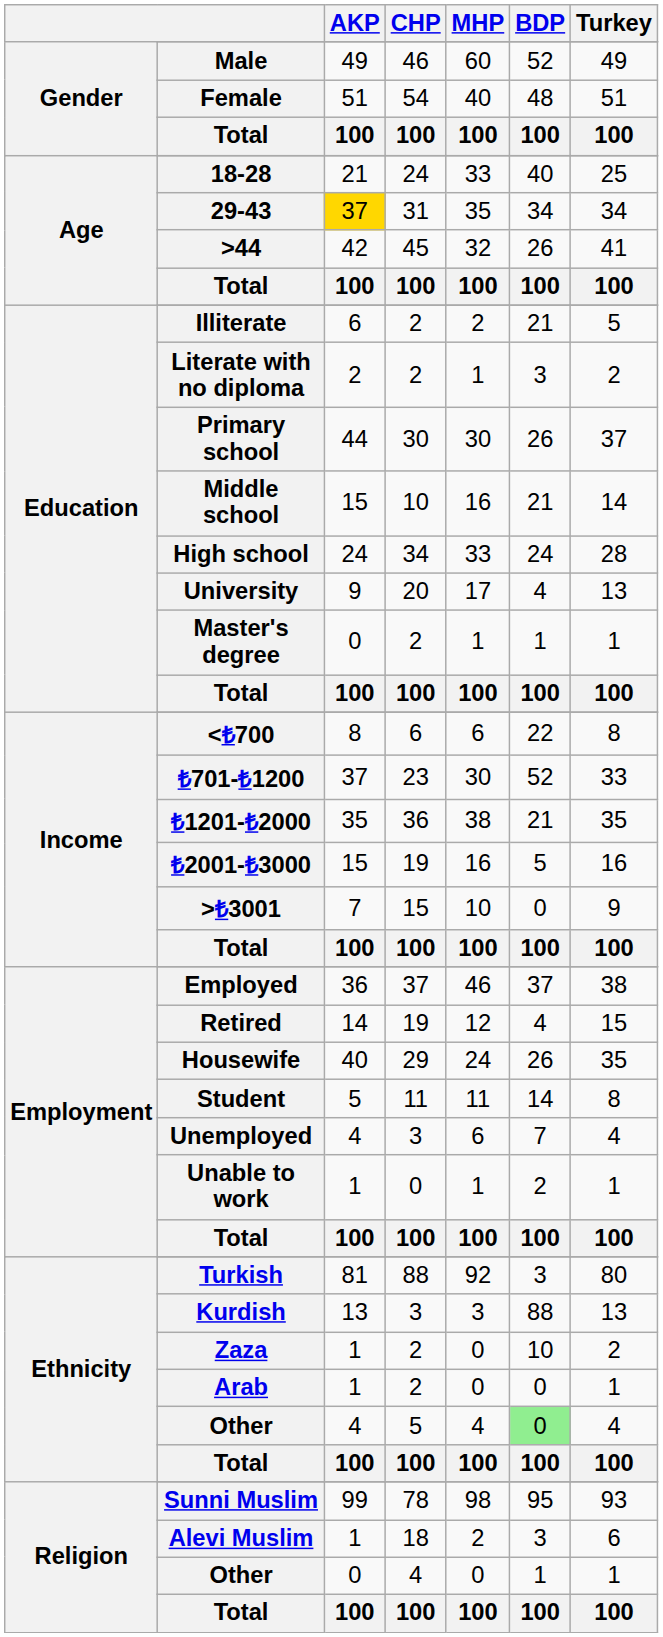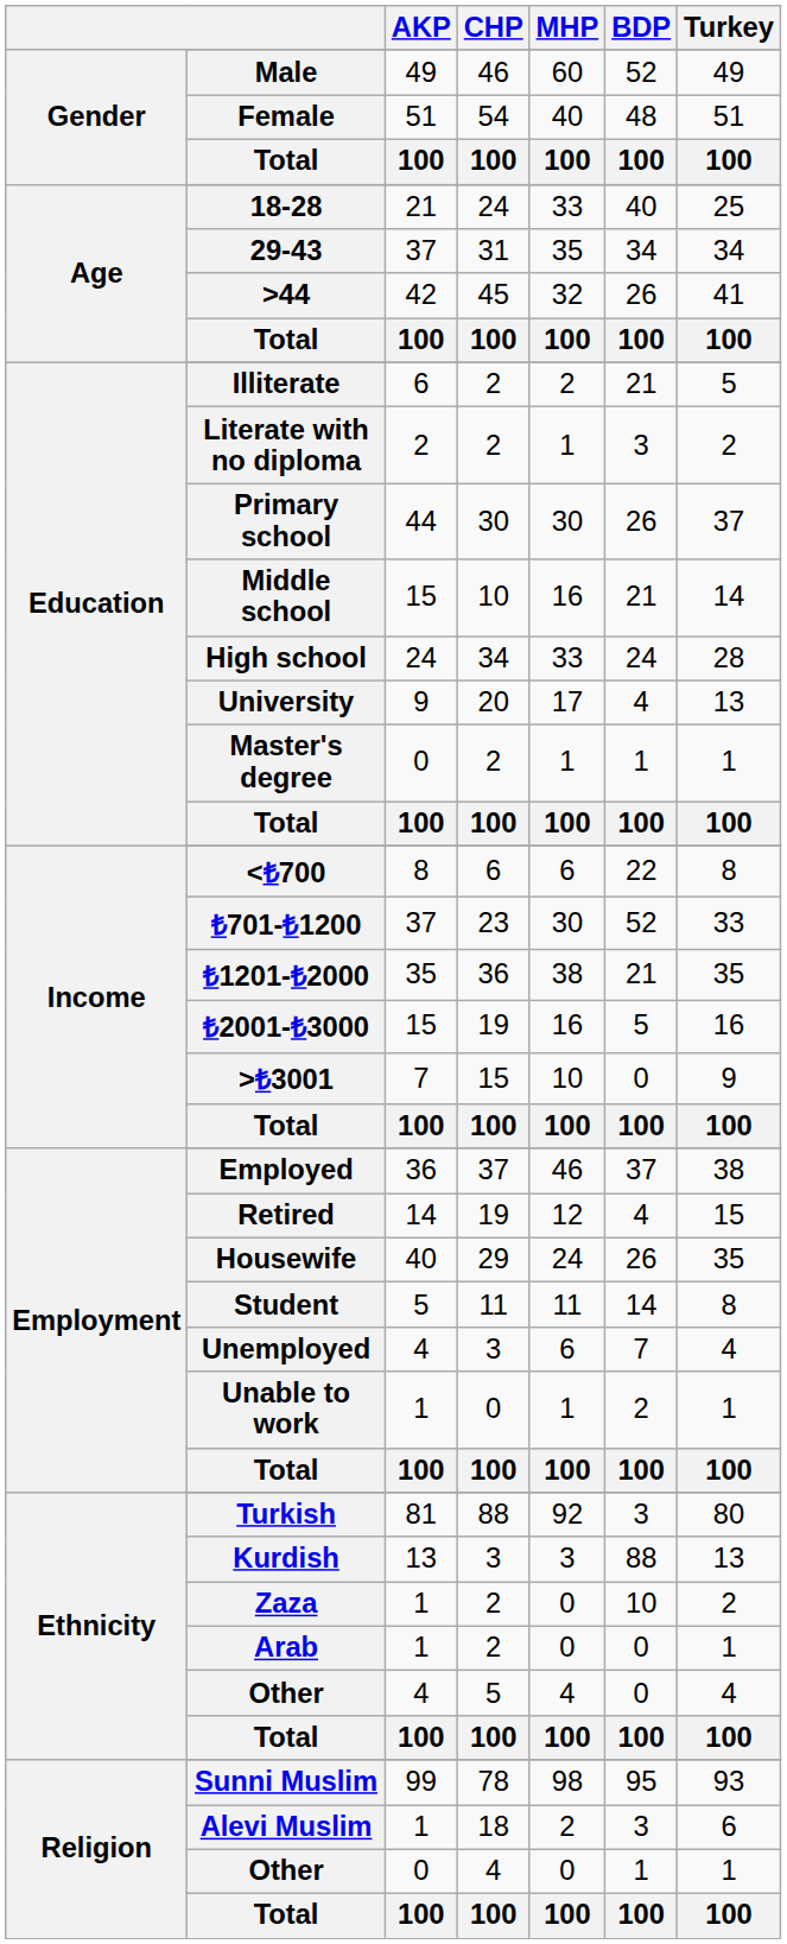 <table class="wikitable" style="width:50%;">
 <tr>
 <th colspan=2></th>
 <th><a href='#'>AKP</a></th>
 <th><a href='#'>CHP</a></th>
 <th><a href='#'>MHP</a></th>
 <th><a href='#'>BDP</a></th>
 <th>Turkey</th>
 </tr>
 <tr>
 <th rowspan=4>Gender</th>
 </tr>
 <tr>
 <th>Male</th>
 <td align=center>49</td>
 <td align=center>46</td>
 <td align=center>60</td>
 <td align=center>52</td>
 <td align=center>49</td>
 </tr>
 <tr>
 <th>Female</th>
 <td align=center>51</td>
 <td align=center>54</td>
 <td align=center>40</td>
 <td align=center>48</td>
 <td align=center>51</td>
 </tr>
 <tr>
 <th>Total</th>
 <th align=center>100</th>
 <th align=center>100</th>
 <th align=center>100</th>
 <th align=center>100</th>
 <th align=center>100</th>
 </tr>
 <tr>
 <th rowspan=5>Age</th>
 </tr>
 <tr>
 <th>18-28</th>
 <td align=center>21</td>
 <td align=center>24</td>
 <td align=center>33</td>
 <td align=center>40</td>
 <td align=center>25</td>
 </tr>
 <tr>
 <th>29-43</th>
-<td align=center style="background: gold;">37</td>
+<td align=center>37</td>
 <td align=center>31</td>
 <td align=center>35</td>
 <td align=center>34</td>
 <td align=center>34</td>
 </tr>
 <tr>
 <th>>44</th>
 <td align=center>42</td>
 <td align=center>45</td>
 <td align=center>32</td>
 <td align=center>26</td>
 <td align=center>41</td>
 </tr>
 <tr>
 <th>Total</th>
 <th align=center>100</th>
 <th align=center>100</th>
 <th align=center>100</th>
 <th align=center>100</th>
 <th align=center>100</th>
 </tr>
 <tr>
 <th rowspan=9>Education</th>
 </tr>
 <tr>
 <th>Illiterate</th>
 <td align=center>6</td>
 <td align=center>2</td>
 <td align=center>2</td>
 <td align=center>21</td>
 <td align=center>5</td>
 </tr>
 <tr>
 <th>Literate with no diploma</th>
 <td align=center>2</td>
 <td align=center>2</td>
 <td align=center>1</td>
 <td align=center>3</td>
 <td align=center>2</td>
 </tr>
 <tr>
 <th>Primary school</th>
 <td align=center>44</td>
 <td align=center>30</td>
 <td align=center>30</td>
 <td align=center>26</td>
 <td align=center>37</td>
 </tr>
 <tr>
 <th>Middle school</th>
 <td align=center>15</td>
 <td align=center>10</td>
 <td align=center>16</td>
 <td align=center>21</td>
 <td align=center>14</td>
 </tr>
 <tr>
 <th>High school</th>
 <td align=center>24</td>
 <td align=center>34</td>
 <td align=center>33</td>
 <td align=center>24</td>
 <td align=center>28</td>
 </tr>
 <tr>
 <th>University</th>
 <td align=center>9</td>
 <td align=center>20</td>
 <td align=center>17</td>
 <td align=center>4</td>
 <td align=center>13</td>
 </tr>
 <tr>
 <th>Master's degree</th>
 <td align=center>0</td>
 <td align=center>2</td>
 <td align=center>1</td>
 <td align=center>1</td>
 <td align=center>1</td>
 </tr>
 <tr>
 <th>Total</th>
 <th align=center>100</th>
 <th align=center>100</th>
 <th align=center>100</th>
 <th align=center>100</th>
 <th align=center>100</th>
 </tr>
 <tr>
 <th rowspan=7>Income</th>
 </tr>
 <tr>
 <th><<a href='#'>₺</a>700</th>
 <td align=center>8</td>
 <td align=center>6</td>
 <td align=center>6</td>
 <td align=center>22</td>
 <td align=center>8</td>
 </tr>
 <tr>
 <th><a href='#'>₺</a>701-<a href='#'>₺</a>1200</th>
 <td align=center>37</td>
 <td align=center>23</td>
 <td align=center>30</td>
 <td align=center>52</td>
 <td align=center>33</td>
 </tr>
 <tr>
 <th><a href='#'>₺</a>1201-<a href='#'>₺</a>2000</th>
 <td align=center>35</td>
 <td align=center>36</td>
 <td align=center>38</td>
 <td align=center>21</td>
 <td align=center>35</td>
 </tr>
 <tr>
 <th><a href='#'>₺</a>2001-<a href='#'>₺</a>3000</th>
 <td align=center>15</td>
 <td align=center>19</td>
 <td align=center>16</td>
 <td align=center>5</td>
 <td align=center>16</td>
 </tr>
 <tr>
 <th>><a href='#'>₺</a>3001</th>
 <td align=center>7</td>
 <td align=center>15</td>
 <td align=center>10</td>
 <td align=center>0</td>
 <td align=center>9</td>
 </tr>
 <tr>
 <th>Total</th>
 <th align=center>100</th>
 <th align=center>100</th>
 <th align=center>100</th>
 <th align=center>100</th>
 <th align=center>100</th>
 </tr>
 <tr>
 <th rowspan=8>Employment</th>
 </tr>
 <tr>
 <th>Employed</th>
 <td align=center>36</td>
 <td align=center>37</td>
 <td align=center>46</td>
 <td align=center>37</td>
 <td align=center>38</td>
 </tr>
 <tr>
 <th>Retired</th>
 <td align=center>14</td>
 <td align=center>19</td>
 <td align=center>12</td>
 <td align=center>4</td>
 <td align=center>15</td>
 </tr>
 <tr>
 <th>Housewife</th>
 <td align=center>40</td>
 <td align=center>29</td>
 <td align=center>24</td>
 <td align=center>26</td>
 <td align=center>35</td>
 </tr>
 <tr>
 <th>Student</th>
 <td align=center>5</td>
 <td align=center>11</td>
 <td align=center>11</td>
 <td align=center>14</td>
 <td align=center>8</td>
 </tr>
 <tr>
 <th>Unemployed</th>
 <td align=center>4</td>
 <td align=center>3</td>
 <td align=center>6</td>
 <td align=center>7</td>
 <td align=center>4</td>
 </tr>
 <tr>
 <th>Unable to work</th>
 <td align=center>1</td>
 <td align=center>0</td>
 <td align=center>1</td>
 <td align=center>2</td>
 <td align=center>1</td>
 </tr>
 <tr>
 <th>Total</th>
 <th align=center>100</th>
 <th align=center>100</th>
 <th align=center>100</th>
 <th align=center>100</th>
 <th align=center>100</th>
 </tr>
 <tr>
 <th rowspan=7>Ethnicity</th>
 </tr>
 <tr>
 <th><a href='#'>Turkish</a></th>
 <td align=center>81</td>
 <td align=center>88</td>
 <td align=center>92</td>
 <td align=center>3</td>
 <td align=center>80</td>
 </tr>
 <tr>
 <th><a href='#'>Kurdish</a></th>
 <td align=center>13</td>
 <td align=center>3</td>
 <td align=center>3</td>
 <td align=center>88</td>
 <td align=center>13</td>
 </tr>
 <tr>
 <th><a href='#'>Zaza</a></th>
 <td align=center>1</td>
 <td align=center>2</td>
 <td align=center>0</td>
 <td align=center>10</td>
 <td align=center>2</td>
 </tr>
 <tr>
 <th><a href='#'>Arab</a></th>
 <td align=center>1</td>
 <td align=center>2</td>
 <td align=center>0</td>
 <td align=center>0</td>
 <td align=center>1</td>
 </tr>
 <tr>
 <th>Other</th>
 <td align=center>4</td>
 <td align=center>5</td>
 <td align=center>4</td>
-<td align=center style="background: lightgreen;">0</td>
+<td align=center>0</td>
 <td align=center>4</td>
 </tr>
 <tr>
 <th>Total</th>
 <th align=center>100</th>
 <th align=center>100</th>
 <th align=center>100</th>
 <th align=center>100</th>
 <th align=center>100</th>
 </tr>
 <tr>
 <th rowspan=5>Religion</th>
 </tr>
 <tr>
 <th><a href='#'>Sunni Muslim</a></th>
 <td align=center>99</td>
 <td align=center>78</td>
 <td align=center>98</td>
 <td align=center>95</td>
 <td align=center>93</td>
 </tr>
 <tr>
 <th><a href='#'>Alevi Muslim</a></th>
 <td align=center>1</td>
 <td align=center>18</td>
 <td align=center>2</td>
 <td align=center>3</td>
 <td align=center>6</td>
 </tr>
 <tr>
 <th>Other</th>
 <td align=center>0</td>
 <td align=center>4</td>
 <td align=center>0</td>
 <td align=center>1</td>
 <td align=center>1</td>
 </tr>
 <tr>
 <th>Total</th>
 <th align=center>100</th>
 <th align=center>100</th>
 <th align=center>100</th>
 <th align=center>100</th>
 <th align=center>100</th>
 </tr>
 </table>
